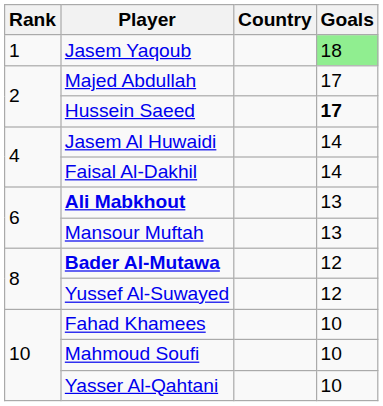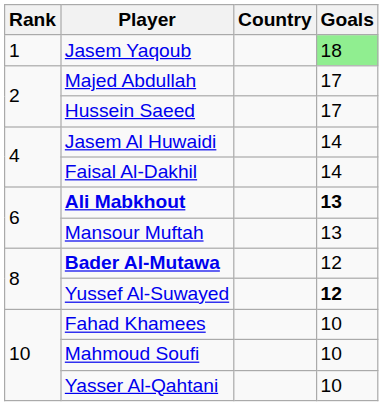 <table class="wikitable sortable">
 <tr>
 <th>Rank</th>
 <th>Player</th>
 <th>Country</th>
 <th>Goals</th>
 </tr>
 <tr>
 <td>1</td>
 <td><a href='#'>Jasem Yaqoub</a></td>
 <td></td>
 <td style="background: lightgreen;">18</td>
 </tr>
 <tr>
 <td rowspan=2>2</td>
 <td><a href='#'>Majed Abdullah</a></td>
 <td></td>
 <td>17</td>
 </tr>
 <tr>
 <td><a href='#'>Hussein Saeed</a></td>
 <td></td>
-<td><strong>17</strong></td>
+<td>17</td>
 </tr>
 <tr>
 <td rowspan=2>4</td>
 <td><a href='#'>Jasem Al Huwaidi</a></td>
 <td></td>
 <td>14</td>
 </tr>
 <tr>
 <td><a href='#'>Faisal Al-Dakhil</a></td>
 <td></td>
 <td>14</td>
 </tr>
 <tr>
 <td rowspan=2>6</td>
 <td><strong><a href='#'>Ali Mabkhout</a></strong></td>
 <td></td>
-<td>13</td>
+<td><strong>13</strong></td>
 </tr>
 <tr>
 <td><a href='#'>Mansour Muftah</a></td>
 <td></td>
 <td>13</td>
 </tr>
 <tr>
 <td rowspan=2>8</td>
 <td><strong><a href='#'>Bader Al-Mutawa</a></strong></td>
 <td></td>
 <td>12</td>
 </tr>
 <tr>
 <td><a href='#'>Yussef Al-Suwayed</a></td>
 <td></td>
-<td>12</td>
+<td><strong>12</strong></td>
 </tr>
 <tr>
 <td rowspan=3>10</td>
 <td><a href='#'>Fahad Khamees</a></td>
 <td></td>
 <td>10</td>
 </tr>
 <tr>
 <td><a href='#'>Mahmoud Soufi</a></td>
 <td></td>
 <td>10</td>
 </tr>
 <tr>
 <td><a href='#'>Yasser Al-Qahtani</a></td>
 <td></td>
 <td>10</td>
 </tr>
 </table>
